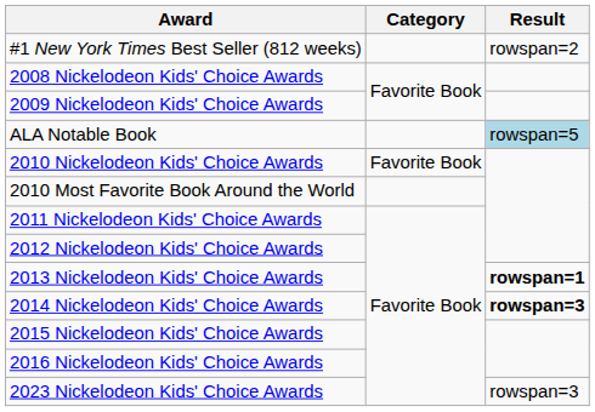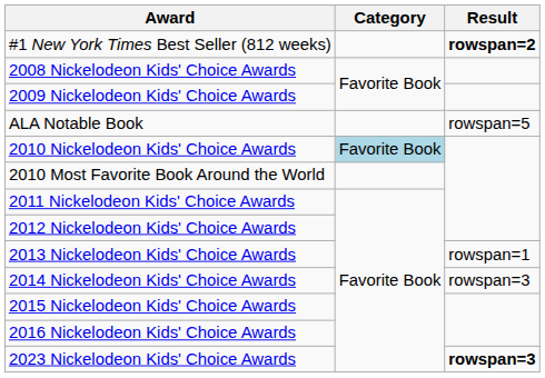 <table class="wikitable">
 <tr>
 <th>Award</th>
 <th>Category</th>
 <th>Result</th>
 </tr>
 <tr>
 <td>#1 <em>New York Times</em> Best Seller (812 weeks)</td>
 <td></td>
-<td>rowspan=2 </td>
+<td><strong>rowspan=2 </strong></td>
 </tr>
 <tr>
 <td><a href='#'>2008 Nickelodeon Kids' Choice Awards</a></td>
 <td rowspan=2>Favorite Book</td>
 </tr>
 <tr>
 <td><a href='#'>2009 Nickelodeon Kids' Choice Awards</a></td>
 <td></td>
 </tr>
 <tr>
 <td>ALA Notable Book</td>
 <td></td>
-<td style="background: lightblue;">rowspan=5 </td>
+<td>rowspan=5 </td>
 </tr>
 <tr>
 <td><a href='#'>2010 Nickelodeon Kids' Choice Awards</a></td>
-<td>Favorite Book</td>
+<td style="background: lightblue;">Favorite Book</td>
 </tr>
 <tr>
 <td>2010 Most Favorite Book Around the World</td>
 <td></td>
 </tr>
 <tr>
 <td><a href='#'>2011 Nickelodeon Kids' Choice Awards</a></td>
 <td rowspan=7>Favorite Book</td>
 </tr>
 <tr>
 <td><a href='#'>2012 Nickelodeon Kids' Choice Awards</a></td>
 </tr>
 <tr>
 <td><a href='#'>2013 Nickelodeon Kids' Choice Awards</a></td>
-<td><strong>rowspan=1 </strong></td>
+<td>rowspan=1 </td>
 </tr>
 <tr>
 <td><a href='#'>2014 Nickelodeon Kids' Choice Awards</a></td>
-<td><strong>rowspan=3 </strong></td>
+<td>rowspan=3 </td>
 </tr>
 <tr>
 <td><a href='#'>2015 Nickelodeon Kids' Choice Awards</a></td>
 </tr>
 <tr>
 <td><a href='#'>2016 Nickelodeon Kids' Choice Awards</a></td>
 </tr>
 <tr>
 <td><a href='#'>2023 Nickelodeon Kids' Choice Awards</a></td>
-<td>rowspan=3 </td>
+<td><strong>rowspan=3 </strong></td>
 </tr>
 </table>
